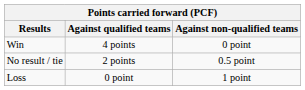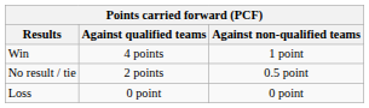 <table class="wikitable">
 <tr>
 <th colspan=3>Points carried forward (PCF)</th>
 </tr>
 <tr>
 <th>Results</th>
 <th>Against qualified teams</th>
 <th>Against non-qualified teams</th>
 </tr>
 <tr>
 <td>Win</td>
 <td align="center">4 points</td>
-<td align="center">0 point</td>
+<td align="center">1 point</td>
 </tr>
 <tr>
 <td>No result / tie</td>
 <td align="center">2 points</td>
 <td align="center">0.5 point</td>
 </tr>
 <tr>
 <td>Loss</td>
 <td align="center">0 point</td>
-<td align="center">1 point</td>
+<td align="center">0 point</td>
 </tr>
 </table>
